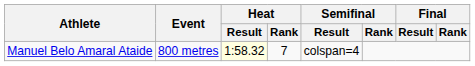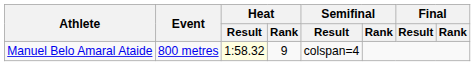 <table class="wikitable" style="font-size:90%">
 <tr>
 <th rowspan="2">Athlete</th>
 <th rowspan="2">Event</th>
 <th colspan="2">Heat</th>
 <th colspan="2">Semifinal</th>
 <th colspan="2">Final</th>
 </tr>
 <tr style="font-size:95%">
 <th>Result</th>
 <th>Rank</th>
 <th>Result</th>
 <th>Rank</th>
 <th>Result</th>
 <th>Rank</th>
 </tr>
 <tr align=center>
 <td align=left><a href='#'>Manuel Belo Amaral Ataide</a></td>
 <td align=left><a href='#'>800 metres</a></td>
 <td style="background: lightyellow;">1:58.32</td>
-<td>7</td>
+<td>9</td>
 <td>colspan=4 </td>
 </tr>
 </table>
